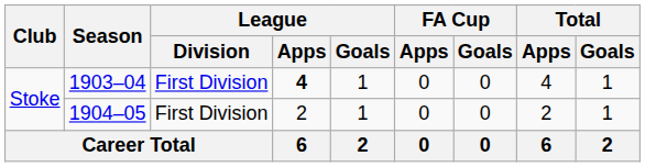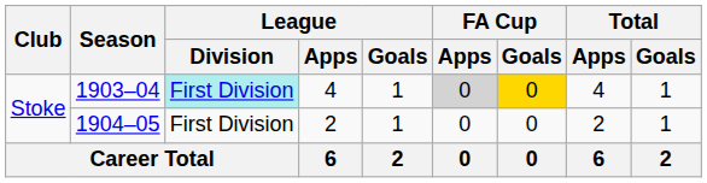 <table class="wikitable" style="text-align: center;">
 <tr>
 <th rowspan="2">Club</th>
 <th rowspan="2">Season</th>
 <th colspan="3">League</th>
 <th colspan="2">FA Cup</th>
 <th colspan="2">Total</th>
 </tr>
 <tr>
 <th>Division</th>
 <th>Apps</th>
 <th>Goals</th>
 <th>Apps</th>
 <th>Goals</th>
 <th>Apps</th>
 <th>Goals</th>
 </tr>
 <tr>
 <td rowspan="2"><a href='#'>Stoke</a></td>
 <td><a href='#'>1903–04</a></td>
-<td><a href='#'>First Division</a></td>
-<td><strong>4</strong></td>
+<td style="background: paleturquoise;"><a href='#'>First Division</a></td>
+<td>4</td>
 <td>1</td>
-<td>0</td>
-<td>0</td>
+<td style="background: lightgrey;">0</td>
+<td style="background: gold;">0</td>
 <td>4</td>
 <td>1</td>
 </tr>
 <tr>
 <td><a href='#'>1904–05</a></td>
 <td>First Division</td>
 <td>2</td>
 <td>1</td>
 <td>0</td>
 <td>0</td>
 <td>2</td>
 <td>1</td>
 </tr>
 <tr>
 <th colspan="3">Career Total</th>
 <th>6</th>
 <th>2</th>
 <th>0</th>
 <th>0</th>
 <th>6</th>
 <th>2</th>
 </tr>
 </table>
